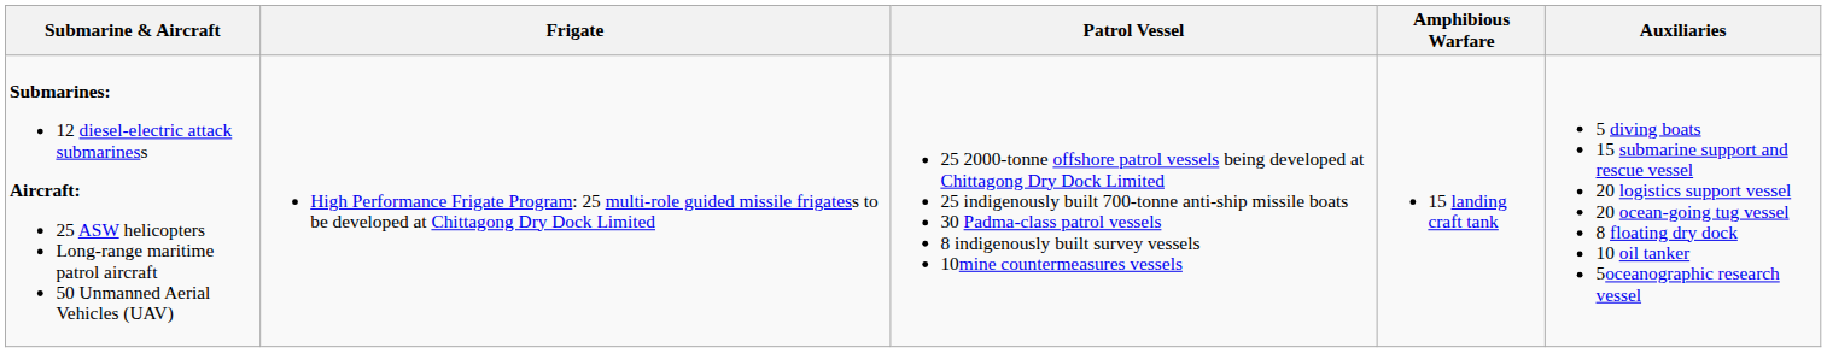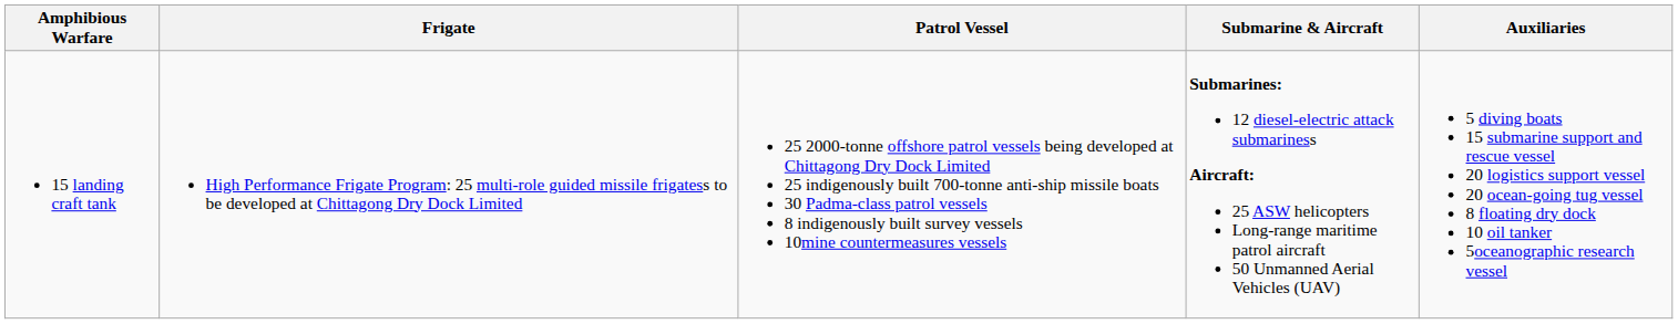 <table class="wikitable">
 <tr>
-<th>Submarine & Aircraft</th>
+<th>Amphibious Warfare</th>
 <th>Frigate</th>
 <th>Patrol Vessel</th>
-<th>Amphibious Warfare</th>
+<th>Submarine & Aircraft</th>
 <th>Auxiliaries</th>
 </tr>
 <tr>
-<td><br><strong>Submarines:</strong><ul><li>12 <a href='#'>diesel-electric attack submarines</a>s</li></ul><strong>Aircraft:</strong><ul><li>25 <a href='#'>ASW</a> helicopters</li><li>Long-range maritime patrol aircraft</li><li>50 Unmanned Aerial Vehicles (UAV)</li></ul></td>
+<td><br><ul><li>15 <a href='#'>landing craft tank</a></li></ul></td>
 <td><br><ul><li><a href='#'>High Performance Frigate Program</a>: 25 <a href='#'>multi-role guided missile frigates</a>s to be developed at <a href='#'>Chittagong Dry Dock Limited</a></li></ul></td>
 <td><br><ul><li>25 2000-tonne <a href='#'>offshore patrol vessels</a> being developed at <a href='#'>Chittagong Dry Dock Limited</a></li><li>25 indigenously built 700-tonne anti-ship missile boats</li><li>30 <a href='#'>Padma-class patrol vessels</a></li><li>8 indigenously built survey vessels</li><li>10<a href='#'>mine countermeasures vessels</a></li></ul></td>
-<td><br><ul><li>15 <a href='#'>landing craft tank</a></li></ul></td>
+<td><br><strong>Submarines:</strong><ul><li>12 <a href='#'>diesel-electric attack submarines</a>s</li></ul><strong>Aircraft:</strong><ul><li>25 <a href='#'>ASW</a> helicopters</li><li>Long-range maritime patrol aircraft</li><li>50 Unmanned Aerial Vehicles (UAV)</li></ul></td>
 <td><br><ul><li>5 <a href='#'>diving boats</a></li><li>15 <a href='#'>submarine support and rescue vessel</a></li><li>20 <a href='#'>logistics support vessel</a></li><li>20 <a href='#'>ocean-going tug vessel</a></li><li>8 <a href='#'>floating dry dock</a></li><li>10 <a href='#'>oil tanker</a></li><li>5<a href='#'>oceanographic research vessel</a></li></ul></td>
 </tr>
 </table>
